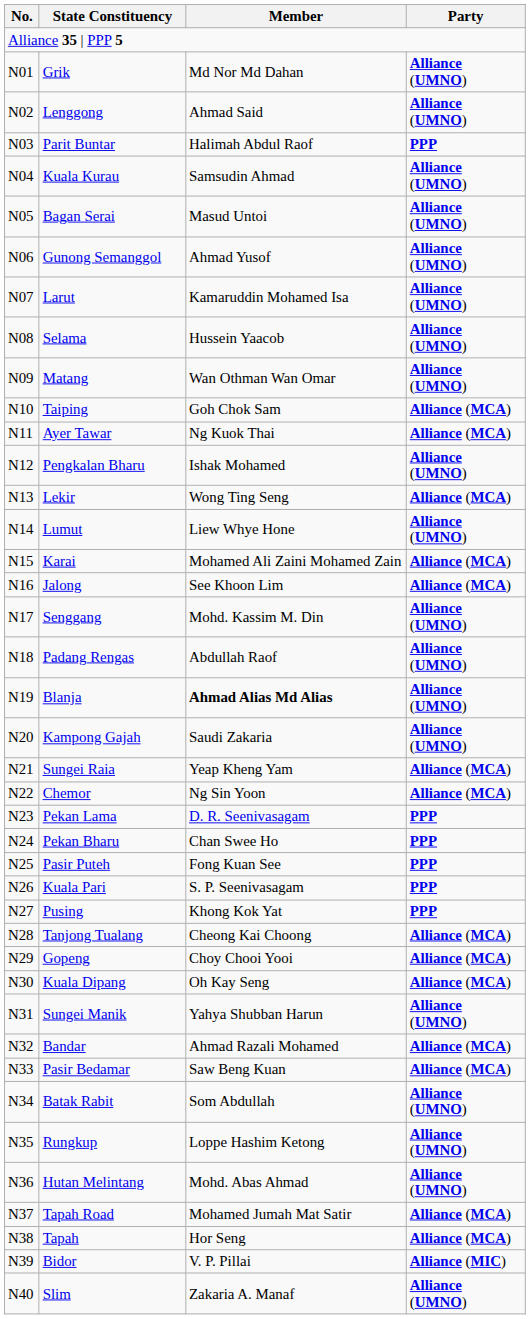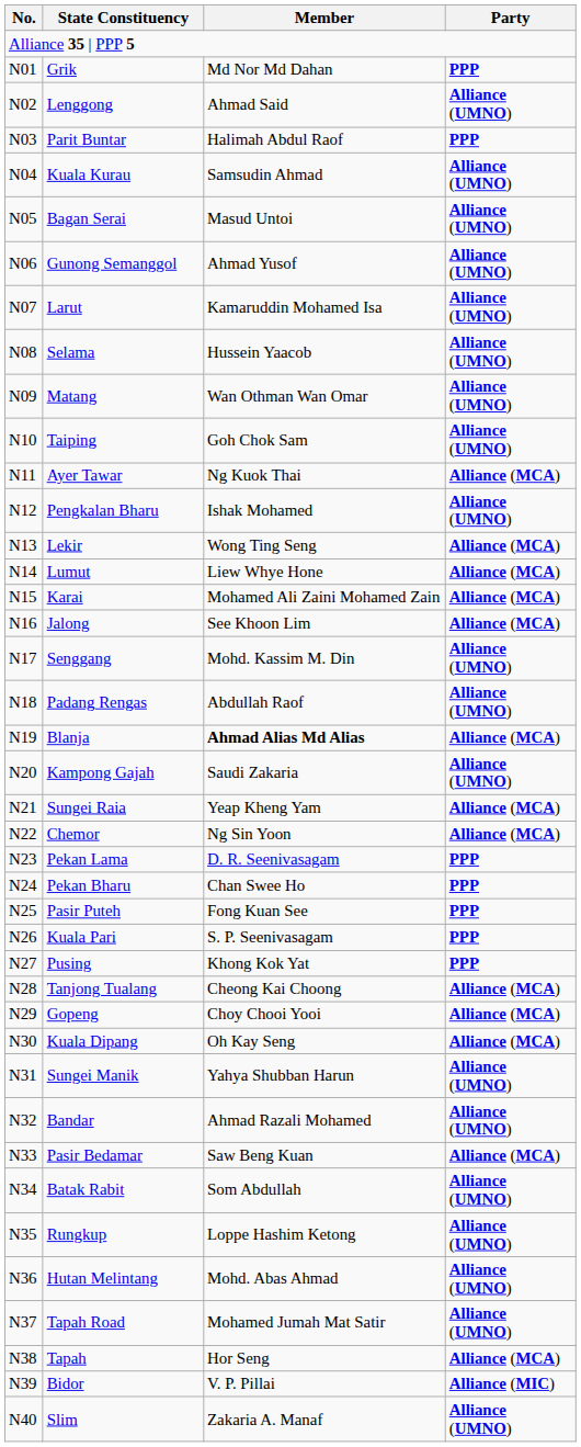 <table class="wikitable sortable">
 <tr>
 <th style="width:30px;">No.</th>
 <th style="width:150px;">State Constituency</th>
 <th style="width:230px;">Member</th>
 <th style="width:120px;">Party</th>
 </tr>
 <tr>
 <td colspan="4"><a href='#'>Alliance</a> <strong>35</strong> | <a href='#'>PPP</a> <strong>5</strong></td>
 </tr>
 <tr>
 <td>N01</td>
 <td><a href='#'>Grik</a></td>
 <td>Md Nor Md Dahan</td>
-<td><strong><a href='#'>Alliance</a></strong> (<strong><a href='#'>UMNO</a></strong>)</td>
+<td><strong><a href='#'>PPP</a></strong></td>
 </tr>
 <tr>
 <td>N02</td>
 <td><a href='#'>Lenggong</a></td>
 <td>Ahmad Said</td>
 <td><strong><a href='#'>Alliance</a></strong> (<strong><a href='#'>UMNO</a></strong>)</td>
 </tr>
 <tr>
 <td>N03</td>
 <td><a href='#'>Parit Buntar</a></td>
 <td>Halimah Abdul Raof</td>
 <td><strong><a href='#'>PPP</a></strong></td>
 </tr>
 <tr>
 <td>N04</td>
 <td><a href='#'>Kuala Kurau</a></td>
 <td>Samsudin Ahmad</td>
 <td><strong><a href='#'>Alliance</a></strong> (<strong><a href='#'>UMNO</a></strong>)</td>
 </tr>
 <tr>
 <td>N05</td>
 <td><a href='#'>Bagan Serai</a></td>
 <td>Masud Untoi</td>
 <td><strong><a href='#'>Alliance</a></strong> (<strong><a href='#'>UMNO</a></strong>)</td>
 </tr>
 <tr>
 <td>N06</td>
 <td><a href='#'>Gunong Semanggol</a></td>
 <td>Ahmad Yusof</td>
 <td><strong><a href='#'>Alliance</a></strong> (<strong><a href='#'>UMNO</a></strong>)</td>
 </tr>
 <tr>
 <td>N07</td>
 <td><a href='#'>Larut</a></td>
 <td>Kamaruddin Mohamed Isa</td>
 <td><strong><a href='#'>Alliance</a></strong> (<strong><a href='#'>UMNO</a></strong>)</td>
 </tr>
 <tr>
 <td>N08</td>
 <td><a href='#'>Selama</a></td>
 <td>Hussein Yaacob</td>
 <td><strong><a href='#'>Alliance</a></strong> (<strong><a href='#'>UMNO</a></strong>)</td>
 </tr>
 <tr>
 <td>N09</td>
 <td><a href='#'>Matang</a></td>
 <td>Wan Othman Wan Omar</td>
 <td><strong><a href='#'>Alliance</a></strong> (<strong><a href='#'>UMNO</a></strong>)</td>
 </tr>
 <tr>
 <td>N10</td>
 <td><a href='#'>Taiping</a></td>
 <td>Goh Chok Sam</td>
-<td><strong><a href='#'>Alliance</a></strong> (<strong><a href='#'>MCA</a></strong>)</td>
+<td><strong><a href='#'>Alliance</a></strong> (<strong><a href='#'>UMNO</a></strong>)</td>
 </tr>
 <tr>
 <td>N11</td>
 <td><a href='#'>Ayer Tawar</a></td>
 <td>Ng Kuok Thai</td>
 <td><strong><a href='#'>Alliance</a></strong> (<strong><a href='#'>MCA</a></strong>)</td>
 </tr>
 <tr>
 <td>N12</td>
 <td><a href='#'>Pengkalan Bharu</a></td>
 <td>Ishak Mohamed</td>
 <td><strong><a href='#'>Alliance</a></strong> (<strong><a href='#'>UMNO</a></strong>)</td>
 </tr>
 <tr>
 <td>N13</td>
 <td><a href='#'>Lekir</a></td>
 <td>Wong Ting Seng</td>
 <td><strong><a href='#'>Alliance</a></strong> (<strong><a href='#'>MCA</a></strong>)</td>
 </tr>
 <tr>
 <td>N14</td>
 <td><a href='#'>Lumut</a></td>
 <td>Liew Whye Hone</td>
-<td><strong><a href='#'>Alliance</a></strong> (<strong><a href='#'>UMNO</a></strong>)</td>
+<td><strong><a href='#'>Alliance</a></strong> (<strong><a href='#'>MCA</a></strong>)</td>
 </tr>
 <tr>
 <td>N15</td>
 <td><a href='#'>Karai</a></td>
 <td>Mohamed Ali Zaini Mohamed Zain</td>
 <td><strong><a href='#'>Alliance</a></strong> (<strong><a href='#'>MCA</a></strong>)</td>
 </tr>
 <tr>
 <td>N16</td>
 <td><a href='#'>Jalong</a></td>
 <td>See Khoon Lim</td>
 <td><strong><a href='#'>Alliance</a></strong> (<strong><a href='#'>MCA</a></strong>)</td>
 </tr>
 <tr>
 <td>N17</td>
 <td><a href='#'>Senggang</a></td>
 <td>Mohd. Kassim M. Din</td>
 <td><strong><a href='#'>Alliance</a></strong> (<strong><a href='#'>UMNO</a></strong>)</td>
 </tr>
 <tr>
 <td>N18</td>
 <td><a href='#'>Padang Rengas</a></td>
 <td>Abdullah Raof</td>
 <td><strong><a href='#'>Alliance</a></strong> (<strong><a href='#'>UMNO</a></strong>)</td>
 </tr>
 <tr>
 <td>N19</td>
 <td><a href='#'>Blanja</a></td>
 <td><strong>Ahmad Alias Md Alias</strong></td>
-<td><strong><a href='#'>Alliance</a></strong> (<strong><a href='#'>UMNO</a></strong>)</td>
+<td><strong><a href='#'>Alliance</a></strong> (<strong><a href='#'>MCA</a></strong>)</td>
 </tr>
 <tr>
 <td>N20</td>
 <td><a href='#'>Kampong Gajah</a></td>
 <td>Saudi Zakaria</td>
 <td><strong><a href='#'>Alliance</a></strong> (<strong><a href='#'>UMNO</a></strong>)</td>
 </tr>
 <tr>
 <td>N21</td>
 <td><a href='#'>Sungei Raia</a></td>
 <td>Yeap Kheng Yam</td>
 <td><strong><a href='#'>Alliance</a></strong> (<strong><a href='#'>MCA</a></strong>)</td>
 </tr>
 <tr>
 <td>N22</td>
 <td><a href='#'>Chemor</a></td>
 <td>Ng Sin Yoon</td>
 <td><strong><a href='#'>Alliance</a></strong> (<strong><a href='#'>MCA</a></strong>)</td>
 </tr>
 <tr>
 <td>N23</td>
 <td><a href='#'>Pekan Lama</a></td>
 <td><a href='#'>D. R. Seenivasagam</a></td>
 <td><strong><a href='#'>PPP</a></strong></td>
 </tr>
 <tr>
 <td>N24</td>
 <td><a href='#'>Pekan Bharu</a></td>
 <td>Chan Swee Ho</td>
 <td><strong><a href='#'>PPP</a></strong></td>
 </tr>
 <tr>
 <td>N25</td>
 <td><a href='#'>Pasir Puteh</a></td>
 <td>Fong Kuan See</td>
 <td><strong><a href='#'>PPP</a></strong></td>
 </tr>
 <tr>
 <td>N26</td>
 <td><a href='#'>Kuala Pari</a></td>
 <td>S. P. Seenivasagam</td>
 <td><strong><a href='#'>PPP</a></strong></td>
 </tr>
 <tr>
 <td>N27</td>
 <td><a href='#'>Pusing</a></td>
 <td>Khong Kok Yat</td>
 <td><strong><a href='#'>PPP</a></strong></td>
 </tr>
 <tr>
 <td>N28</td>
 <td><a href='#'>Tanjong Tualang</a></td>
 <td>Cheong Kai Choong</td>
 <td><strong><a href='#'>Alliance</a></strong> (<strong><a href='#'>MCA</a></strong>)</td>
 </tr>
 <tr>
 <td>N29</td>
 <td><a href='#'>Gopeng</a></td>
 <td>Choy Chooi Yooi</td>
 <td><strong><a href='#'>Alliance</a></strong> (<strong><a href='#'>MCA</a></strong>)</td>
 </tr>
 <tr>
 <td>N30</td>
 <td><a href='#'>Kuala Dipang</a></td>
 <td>Oh Kay Seng</td>
 <td><strong><a href='#'>Alliance</a></strong> (<strong><a href='#'>MCA</a></strong>)</td>
 </tr>
 <tr>
 <td>N31</td>
 <td><a href='#'>Sungei Manik</a></td>
 <td>Yahya Shubban Harun</td>
 <td><strong><a href='#'>Alliance</a></strong> (<strong><a href='#'>UMNO</a></strong>)</td>
 </tr>
 <tr>
 <td>N32</td>
 <td><a href='#'>Bandar</a></td>
 <td>Ahmad Razali Mohamed</td>
-<td><strong><a href='#'>Alliance</a></strong> (<strong><a href='#'>MCA</a></strong>)</td>
+<td><strong><a href='#'>Alliance</a></strong> (<strong><a href='#'>UMNO</a></strong>)</td>
 </tr>
 <tr>
 <td>N33</td>
 <td><a href='#'>Pasir Bedamar</a></td>
 <td>Saw Beng Kuan</td>
 <td><strong><a href='#'>Alliance</a></strong> (<strong><a href='#'>MCA</a></strong>)</td>
 </tr>
 <tr>
 <td>N34</td>
 <td><a href='#'>Batak Rabit</a></td>
 <td>Som Abdullah</td>
 <td><strong><a href='#'>Alliance</a></strong> (<strong><a href='#'>UMNO</a></strong>)</td>
 </tr>
 <tr>
 <td>N35</td>
 <td><a href='#'>Rungkup</a></td>
 <td>Loppe Hashim Ketong</td>
 <td><strong><a href='#'>Alliance</a></strong> (<strong><a href='#'>UMNO</a></strong>)</td>
 </tr>
 <tr>
 <td>N36</td>
 <td><a href='#'>Hutan Melintang</a></td>
 <td>Mohd. Abas Ahmad</td>
 <td><strong><a href='#'>Alliance</a></strong> (<strong><a href='#'>UMNO</a></strong>)</td>
 </tr>
 <tr>
 <td>N37</td>
 <td><a href='#'>Tapah Road</a></td>
 <td>Mohamed Jumah Mat Satir</td>
-<td><strong><a href='#'>Alliance</a></strong> (<strong><a href='#'>MCA</a></strong>)</td>
+<td><strong><a href='#'>Alliance</a></strong> (<strong><a href='#'>UMNO</a></strong>)</td>
 </tr>
 <tr>
 <td>N38</td>
 <td><a href='#'>Tapah</a></td>
 <td>Hor Seng</td>
 <td><strong><a href='#'>Alliance</a></strong> (<strong><a href='#'>MCA</a></strong>)</td>
 </tr>
 <tr>
 <td>N39</td>
 <td><a href='#'>Bidor</a></td>
 <td>V. P. Pillai</td>
 <td><strong><a href='#'>Alliance</a></strong> (<strong><a href='#'>MIC</a></strong>)</td>
 </tr>
 <tr>
 <td>N40</td>
 <td><a href='#'>Slim</a></td>
 <td>Zakaria A. Manaf</td>
 <td><strong><a href='#'>Alliance</a></strong> (<strong><a href='#'>UMNO</a></strong>)</td>
 </tr>
 </table>
